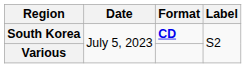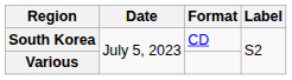 <table class="wikitable plainrowheaders">
 <tr>
 <th scope="col">Region</th>
 <th scope="col">Date</th>
 <th scope="col">Format</th>
 <th scope="col">Label</th>
 </tr>
 <tr>
 <th scope="row">South Korea</th>
 <td rowspan="2">July 5, 2023</td>
-<td><strong><a href='#'>CD</a></strong></td>
+<td><a href='#'>CD</a></td>
 <td rowspan="2">S2</td>
 </tr>
 <tr>
 <th scope="row">Various</th>
 <td></td>
 </tr>
 </table>
